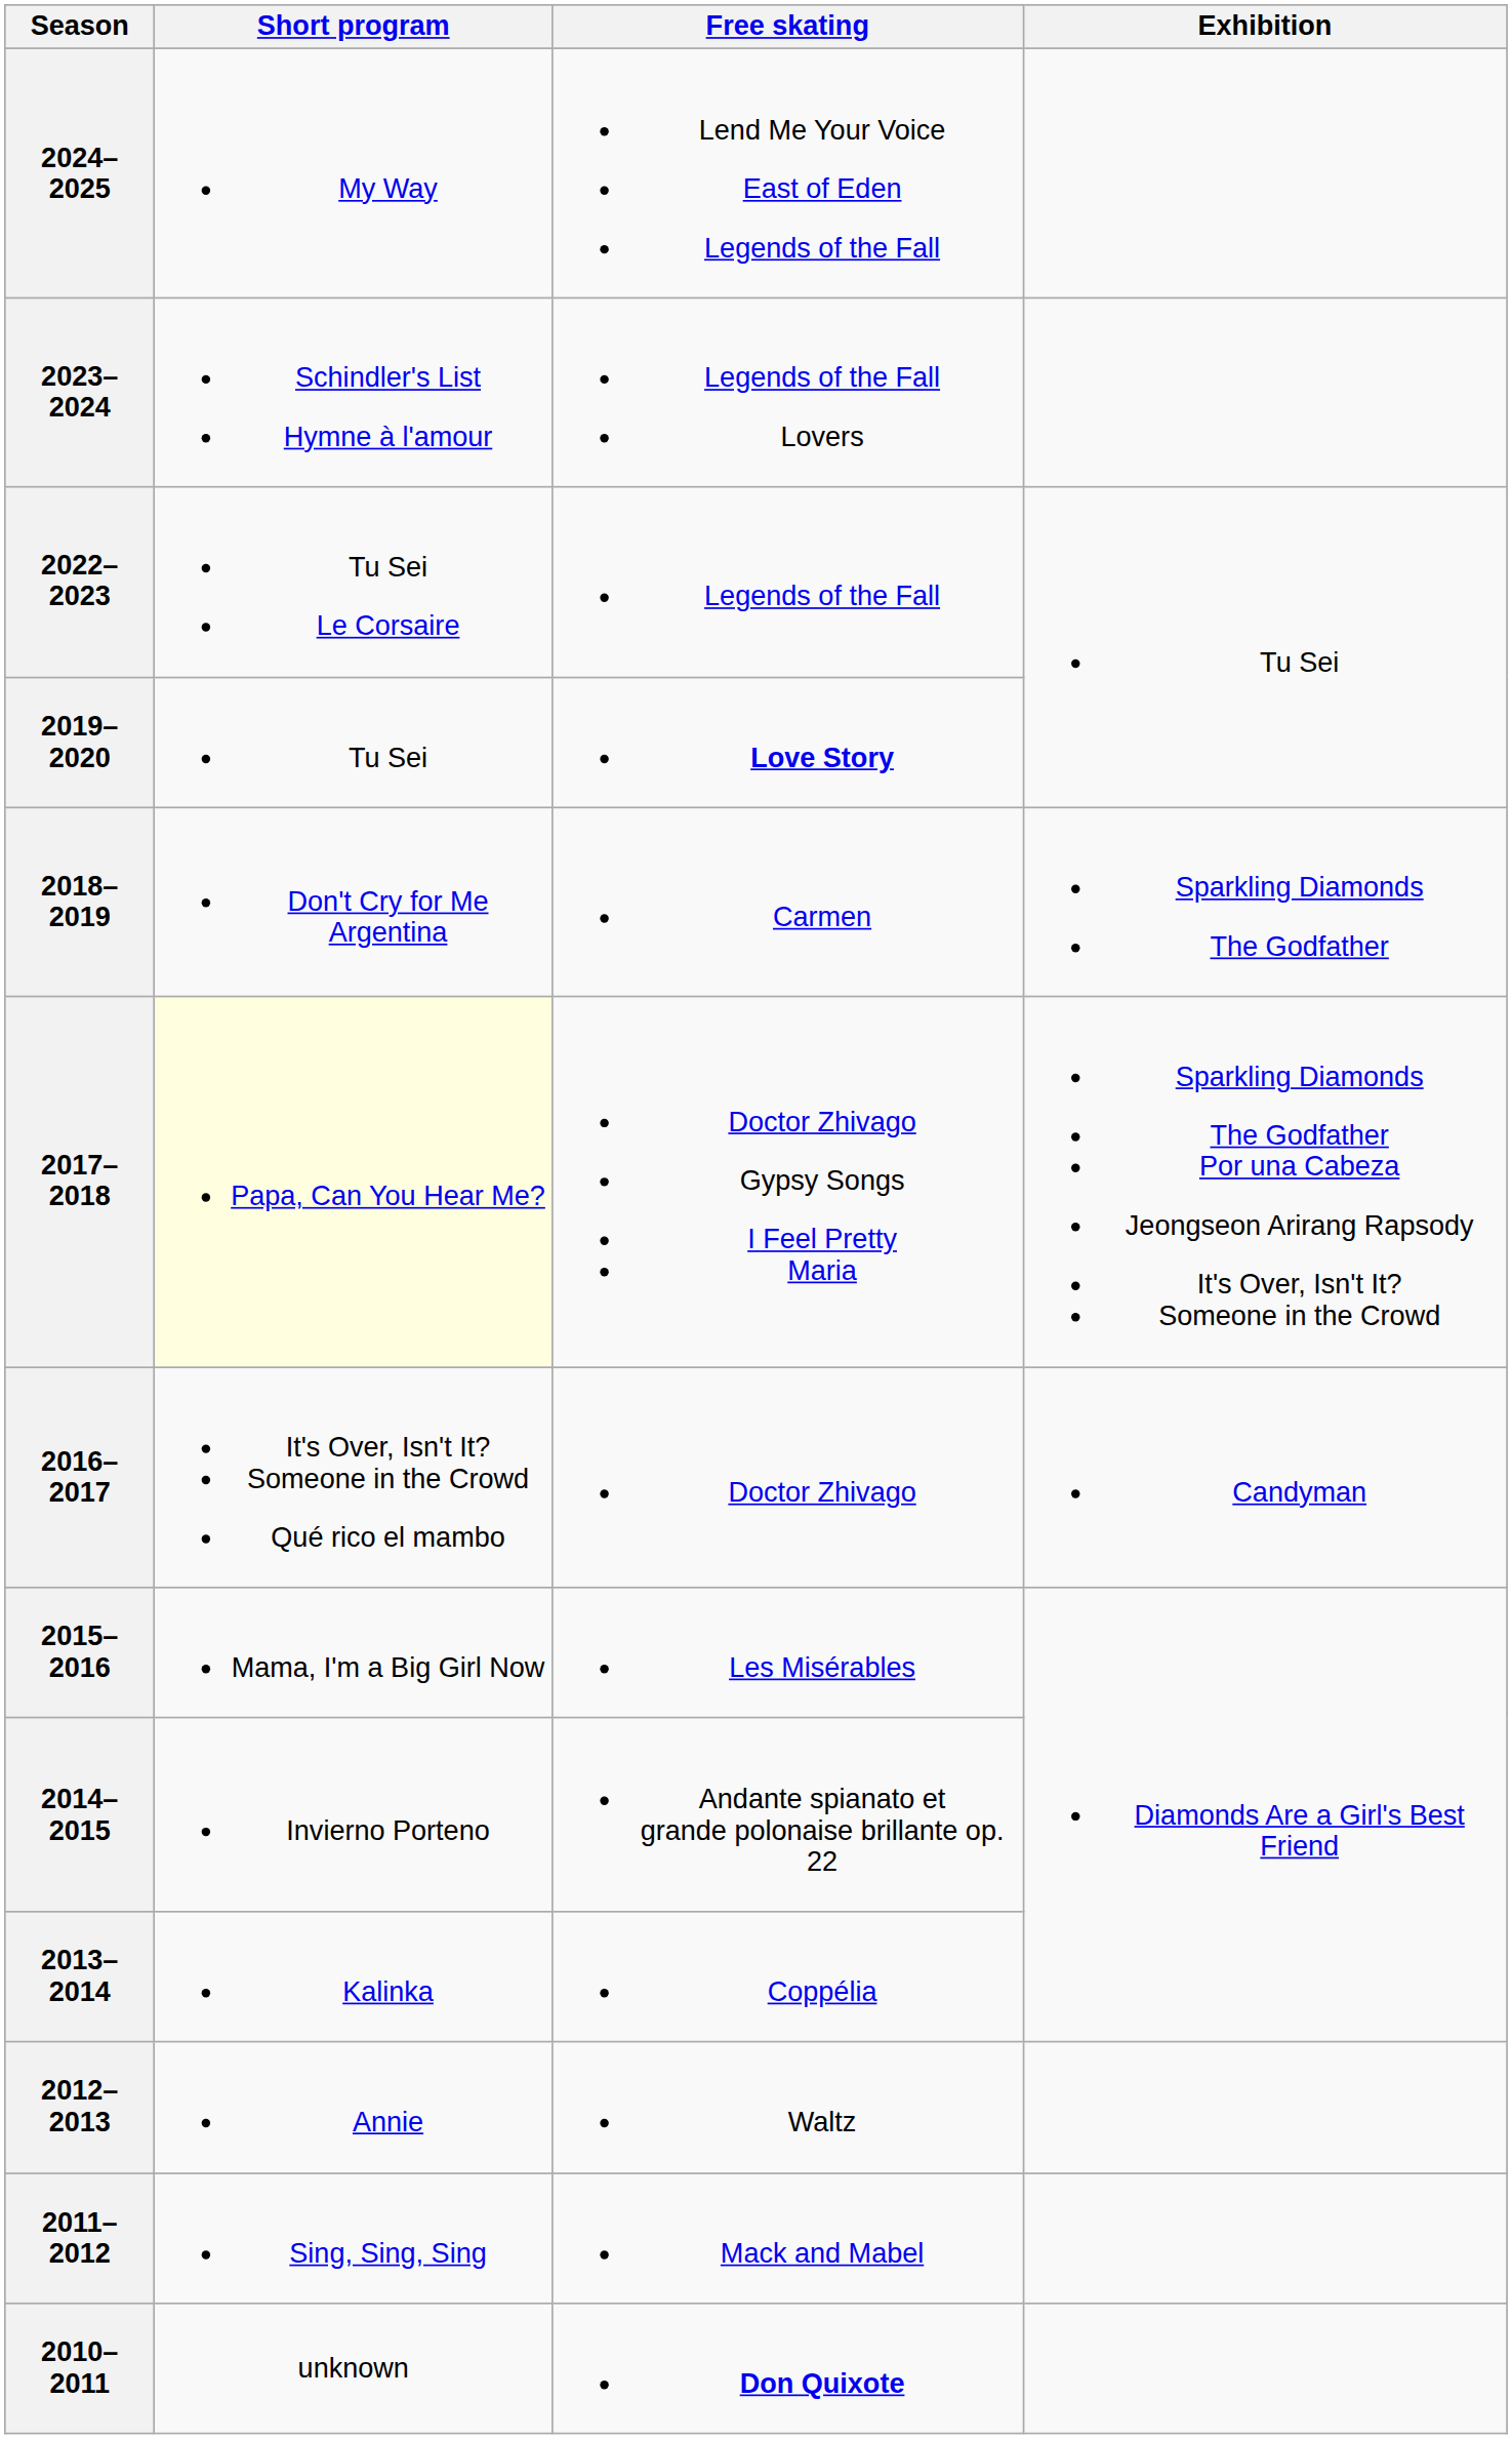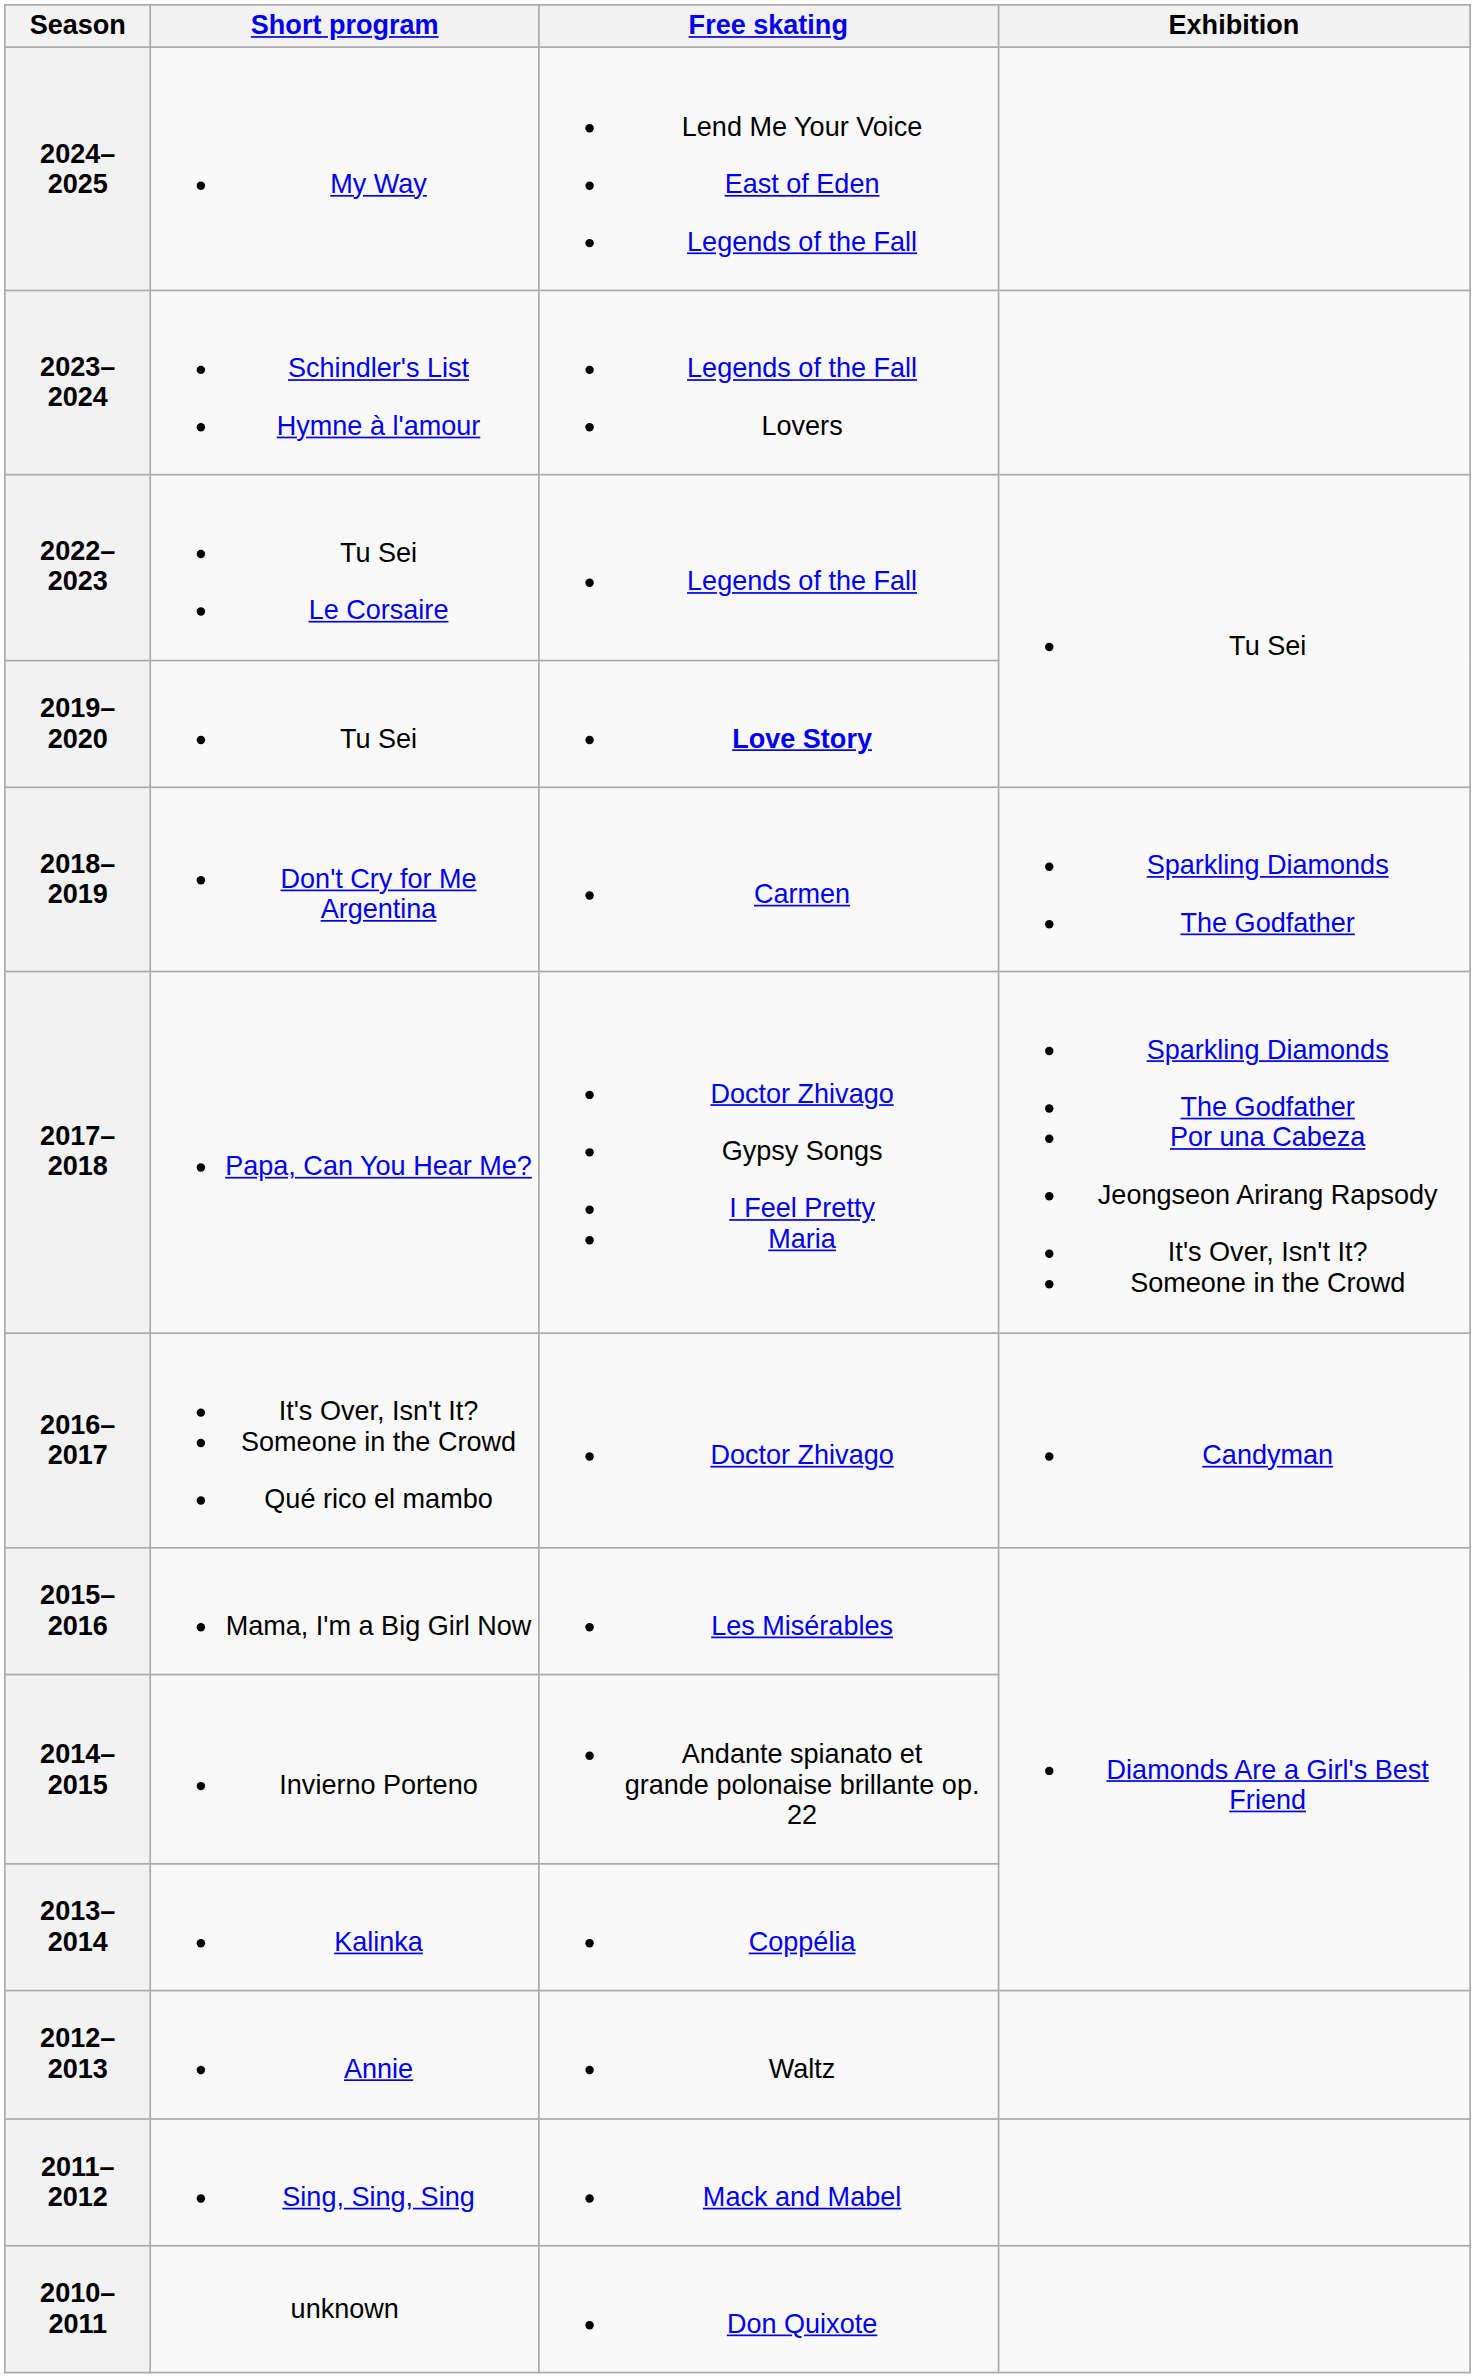 <table class="wikitable" style="text-align:center">
 <tr>
 <th>Season</th>
 <th><a href='#'>Short program</a></th>
 <th><a href='#'>Free skating</a></th>
 <th>Exhibition</th>
 </tr>
 <tr>
 <th>2024–2025 <br> </th>
 <td><br><ul><li><a href='#'>My Way</a> <br> </li></ul></td>
 <td><br><ul><li>Lend Me Your Voice <br> </li></ul><ul><li><a href='#'>East of Eden</a> <br> </li></ul><ul><li><a href='#'>Legends of the Fall</a> <br> </li></ul></td>
 <td></td>
 </tr>
 <tr>
 <th>2023–2024 <br></th>
 <td><br><ul><li><a href='#'>Schindler's List</a> <br> </li></ul><ul><li><a href='#'>Hymne à l'amour</a> <br> </li></ul></td>
 <td><br><ul><li><a href='#'>Legends of the Fall</a> <br> </li></ul><ul><li>Lovers <br> </li></ul></td>
 <td></td>
 </tr>
 <tr>
 <th>2022–2023 <br></th>
 <td><br><ul><li>Tu Sei <br> </li></ul><ul><li><a href='#'>Le Corsaire</a> <br> </li></ul></td>
 <td><br><ul><li><a href='#'>Legends of the Fall</a> <br> </li></ul></td>
 <td rowspan=2><br><ul><li>Tu Sei <br> </li></ul></td>
 </tr>
 <tr>
 <th>2019–2020 <br> </th>
 <td><br><ul><li>Tu Sei <br> </li></ul></td>
 <td><strong><br><ul><li><a href='#'>Love Story</a> <br> </li></ul></strong></td>
 </tr>
 <tr>
 <th>2018–2019 <br> </th>
 <td><br><ul><li><a href='#'>Don't Cry for Me Argentina</a> <br> </li></ul></td>
 <td><br><ul><li><a href='#'>Carmen</a> <br> </li></ul></td>
 <td><br><ul><li><a href='#'>Sparkling Diamonds</a> <br> </li></ul><ul><li><a href='#'>The Godfather</a> <br> </li></ul></td>
 </tr>
 <tr>
 <th>2017–2018 <br> </th>
-<td style="background: lightyellow;"><br><ul><li><a href='#'>Papa, Can You Hear Me?</a> <br> </li></ul></td>
+<td><br><ul><li><a href='#'>Papa, Can You Hear Me?</a> <br> </li></ul></td>
 <td><br><ul><li><a href='#'>Doctor Zhivago</a> <br></li></ul><ul><li>Gypsy Songs <br> </li></ul><ul><li><a href='#'>I Feel Pretty</a></li><li><a href='#'>Maria</a> <br> </li></ul></td>
 <td><br><ul><li><a href='#'>Sparkling Diamonds</a> <br> </li></ul><ul><li><a href='#'>The Godfather</a> <br> </li><li><a href='#'>Por una Cabeza</a> <br> </li></ul><ul><li>Jeongseon Arirang Rapsody</li></ul><ul><li>It's Over, Isn't It? <br></li><li>Someone in the Crowd <br></li></ul></td>
 </tr>
 <tr>
 <th>2016–2017 <br> </th>
 <td><br><ul><li>It's Over, Isn't It? <br></li><li>Someone in the Crowd <br></li></ul><ul><li>Qué rico el mambo <br></li></ul></td>
 <td><br><ul><li><a href='#'>Doctor Zhivago</a> <br></li></ul></td>
 <td><br><ul><li><a href='#'>Candyman</a> <br></li></ul></td>
 </tr>
 <tr>
 <th>2015–2016 <br> </th>
 <td><br><ul><li>Mama, I'm a Big Girl Now <br></li></ul></td>
 <td><br><ul><li><a href='#'>Les Misérables</a> <br></li></ul></td>
 <td rowspan=3><br><ul><li><a href='#'>Diamonds Are a Girl's Best Friend</a> <br></li></ul></td>
 </tr>
 <tr>
 <th>2014–2015 <br> </th>
 <td><br><ul><li>Invierno Porteno <br></li></ul></td>
 <td><br><ul><li>Andante spianato et <br>grande polonaise brillante op. 22 <br></li></ul></td>
 </tr>
 <tr>
 <th>2013–2014 <br> </th>
 <td><br><ul><li><a href='#'>Kalinka</a> <br></li></ul></td>
 <td><br><ul><li><a href='#'>Coppélia</a> <br></li></ul></td>
 </tr>
 <tr>
 <th>2012–2013</th>
 <td><br><ul><li><a href='#'>Annie</a> <br></li></ul></td>
 <td><br><ul><li>Waltz <br></li></ul></td>
 <td></td>
 </tr>
 <tr>
 <th>2011–2012</th>
 <td><br><ul><li><a href='#'>Sing, Sing, Sing</a> <br></li></ul></td>
 <td><br><ul><li><a href='#'>Mack and Mabel</a> <br></li></ul></td>
 <td></td>
 </tr>
 <tr>
 <th>2010–2011</th>
 <td align=center>unknown</td>
-<td><strong><br><ul><li><a href='#'>Don Quixote</a> <br></li></ul></strong></td>
+<td><br><ul><li><a href='#'>Don Quixote</a> <br></li></ul></td>
 <td></td>
 </tr>
 </table>
